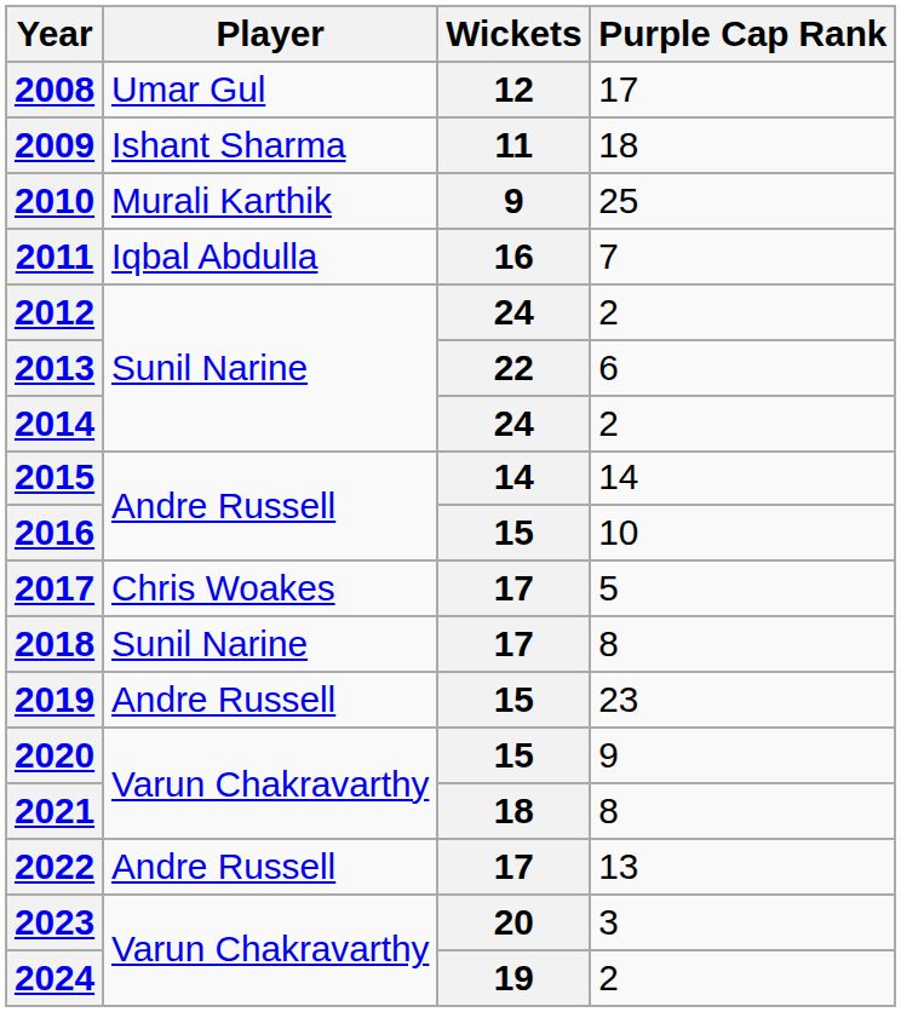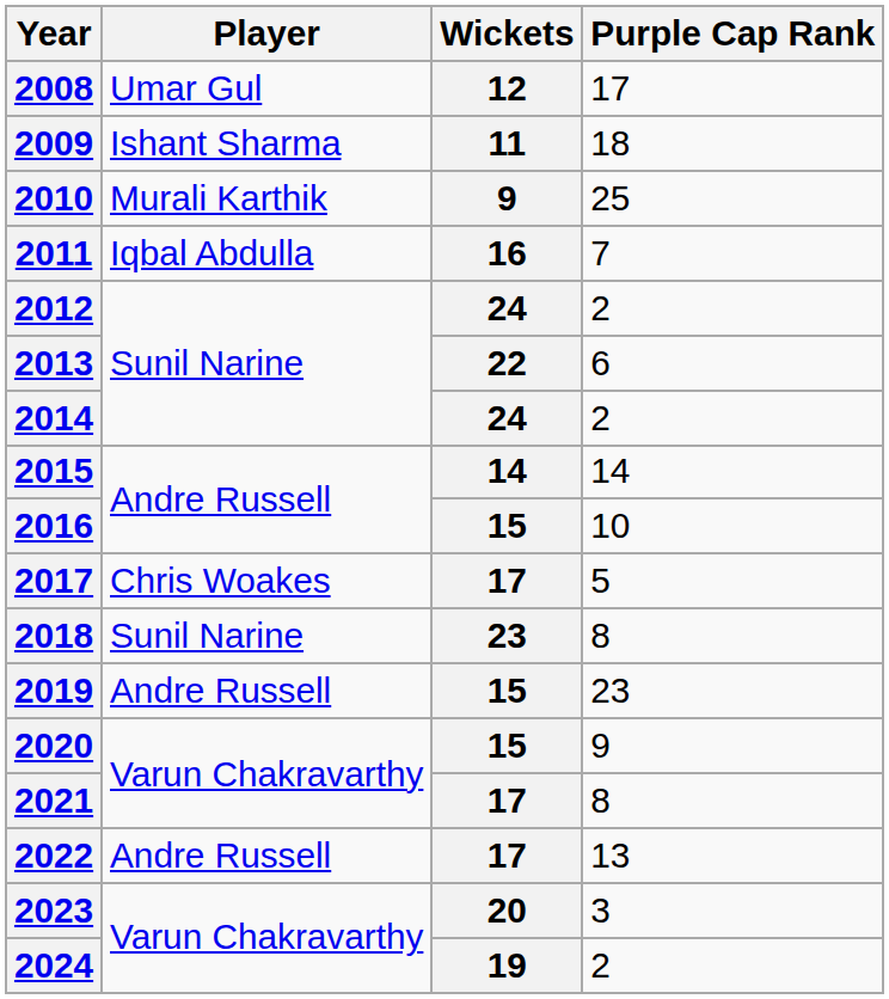 <table class="wikitable sortable" style="text-align:left;font-size:93%;">
 <tr>
 <th>Year</th>
 <th>Player</th>
 <th>Wickets</th>
 <th>Purple Cap Rank</th>
 </tr>
 <tr>
 <th><a href='#'>2008</a></th>
 <td><a href='#'>Umar Gul</a></td>
 <th>12</th>
 <td>17</td>
 </tr>
 <tr>
 <th><a href='#'>2009</a></th>
 <td><a href='#'>Ishant Sharma</a></td>
 <th>11</th>
 <td>18</td>
 </tr>
 <tr>
 <th><a href='#'>2010</a></th>
 <td><a href='#'>Murali Karthik</a></td>
 <th>9</th>
 <td>25</td>
 </tr>
 <tr>
 <th><a href='#'>2011</a></th>
 <td><a href='#'>Iqbal Abdulla</a></td>
 <th>16</th>
 <td>7</td>
 </tr>
 <tr>
 <th><a href='#'>2012</a></th>
 <td rowspan=3><a href='#'>Sunil Narine</a></td>
 <th>24</th>
 <td>2</td>
 </tr>
 <tr>
 <th><a href='#'>2013</a></th>
 <th>22</th>
 <td>6</td>
 </tr>
 <tr>
 <th><a href='#'>2014</a></th>
 <th>24</th>
 <td>2</td>
 </tr>
 <tr>
 <th><a href='#'>2015</a></th>
 <td rowspan=2><a href='#'>Andre Russell</a></td>
 <th>14</th>
 <td>14</td>
 </tr>
 <tr>
 <th><a href='#'>2016</a></th>
 <th>15</th>
 <td>10</td>
 </tr>
 <tr>
 <th><a href='#'>2017</a></th>
 <td><a href='#'>Chris Woakes</a></td>
 <th>17</th>
 <td>5</td>
 </tr>
 <tr>
 <th><a href='#'>2018</a></th>
 <td><a href='#'>Sunil Narine</a></td>
-<th>17</th>
+<th>23</th>
 <td>8</td>
 </tr>
 <tr>
 <th><a href='#'>2019</a></th>
 <td><a href='#'>Andre Russell</a></td>
 <th>15</th>
 <td>23</td>
 </tr>
 <tr>
 <th><a href='#'>2020</a></th>
 <td rowspan=2><a href='#'>Varun Chakravarthy</a></td>
 <th>15</th>
 <td>9</td>
 </tr>
 <tr>
 <th><a href='#'>2021</a></th>
-<th>18</th>
+<th>17</th>
 <td>8</td>
 </tr>
 <tr>
 <th><a href='#'>2022</a></th>
 <td><a href='#'>Andre Russell</a></td>
 <th>17</th>
 <td>13</td>
 </tr>
 <tr>
 <th><a href='#'>2023</a></th>
 <td rowspan=2><a href='#'>Varun Chakravarthy</a></td>
 <th>20</th>
 <td>3</td>
 </tr>
 <tr>
 <th><a href='#'>2024</a></th>
 <th>19</th>
 <td>2</td>
 </tr>
 <tr>
 </tr>
 </table>
